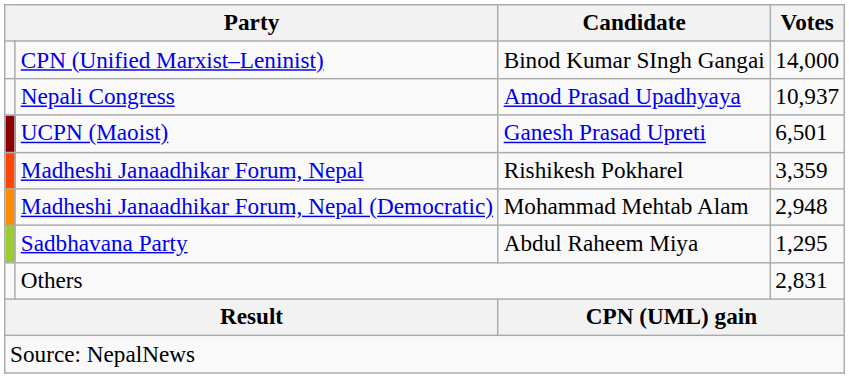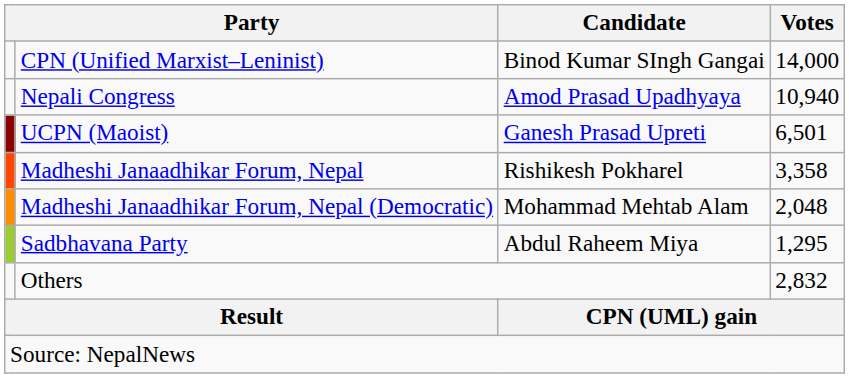 <table class="wikitable">
 <tr>
 <th colspan="2">Party</th>
 <th>Candidate</th>
 <th>Votes</th>
 </tr>
 <tr>
 <td style="background-color:"></td>
 <td><a href='#'>CPN (Unified Marxist–Leninist)</a></td>
 <td>Binod Kumar SIngh Gangai</td>
 <td>14,000</td>
 </tr>
 <tr>
 <td style="background-color:"></td>
 <td><a href='#'>Nepali Congress</a></td>
 <td><a href='#'>Amod Prasad Upadhyaya</a></td>
-<td>10,937</td>
+<td>10,940</td>
 </tr>
 <tr>
 <td style="background-color:darkred"></td>
 <td><a href='#'>UCPN (Maoist)</a></td>
 <td><a href='#'>Ganesh Prasad Upreti</a></td>
 <td>6,501</td>
 </tr>
 <tr>
 <td style="background-color:orangered"></td>
 <td><a href='#'>Madheshi Janaadhikar Forum, Nepal</a></td>
 <td>Rishikesh Pokharel</td>
-<td>3,359</td>
+<td>3,358</td>
 </tr>
 <tr>
 <td style="background-color:darkorange"></td>
 <td><a href='#'>Madheshi Janaadhikar Forum, Nepal (Democratic)</a></td>
 <td>Mohammad Mehtab Alam</td>
-<td>2,948</td>
+<td>2,048</td>
 </tr>
 <tr>
 <td style="background-color:yellowgreen"></td>
 <td><a href='#'>Sadbhavana Party</a></td>
 <td>Abdul Raheem Miya</td>
 <td>1,295</td>
 </tr>
 <tr>
 <td></td>
 <td colspan="2">Others</td>
-<td>2,831</td>
+<td>2,832</td>
 </tr>
 <tr>
 <th colspan="2">Result</th>
 <th colspan="2">CPN (UML) gain</th>
 </tr>
 <tr>
 <td colspan="4">Source: NepalNews</td>
 </tr>
 </table>
